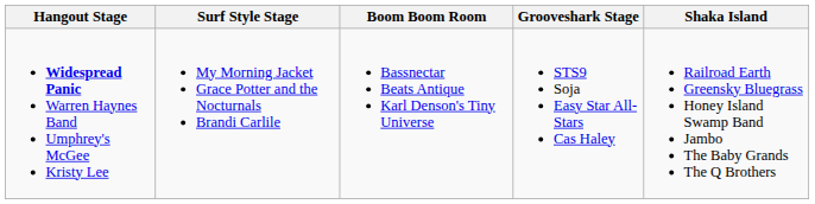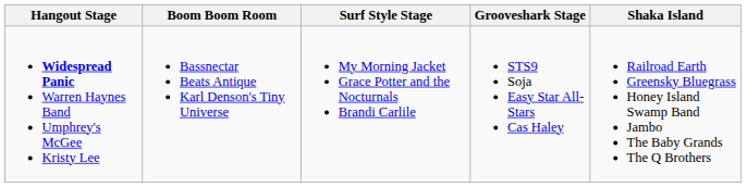 <table class="wikitable">
 <tr>
 <th>Hangout Stage</th>
+<th>Boom Boom Room</th>
 <th>Surf Style Stage</th>
-<th>Boom Boom Room</th>
 <th>Grooveshark Stage</th>
 <th>Shaka Island</th>
 </tr>
 <tr valign="top">
 <td><br><ul><li><strong><a href='#'>Widespread Panic</a></strong></li><li><a href='#'>Warren Haynes Band</a></li><li><a href='#'>Umphrey's McGee</a></li><li><a href='#'>Kristy Lee</a></li></ul></td>
+<td><br><ul><li><a href='#'>Bassnectar</a></li><li><a href='#'>Beats Antique</a></li><li><a href='#'>Karl Denson's Tiny Universe</a></li></ul></td>
 <td><br><ul><li><a href='#'>My Morning Jacket</a></li><li><a href='#'>Grace Potter and the Nocturnals</a></li><li><a href='#'>Brandi Carlile</a></li></ul></td>
-<td><br><ul><li><a href='#'>Bassnectar</a></li><li><a href='#'>Beats Antique</a></li><li><a href='#'>Karl Denson's Tiny Universe</a></li></ul></td>
 <td><br><ul><li><a href='#'>STS9</a></li><li>Soja</li><li><a href='#'>Easy Star All-Stars</a></li><li><a href='#'>Cas Haley</a></li></ul></td>
 <td><br><ul><li><a href='#'>Railroad Earth</a></li><li><a href='#'>Greensky Bluegrass</a></li><li>Honey Island Swamp Band</li><li>Jambo</li><li>The Baby Grands</li><li>The Q Brothers</li></ul></td>
 </tr>
 </table>
